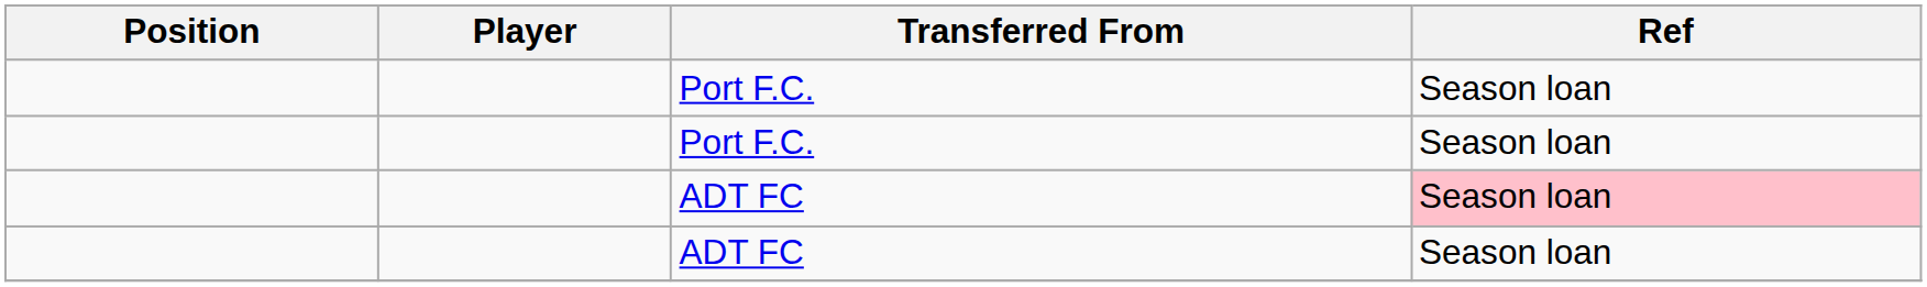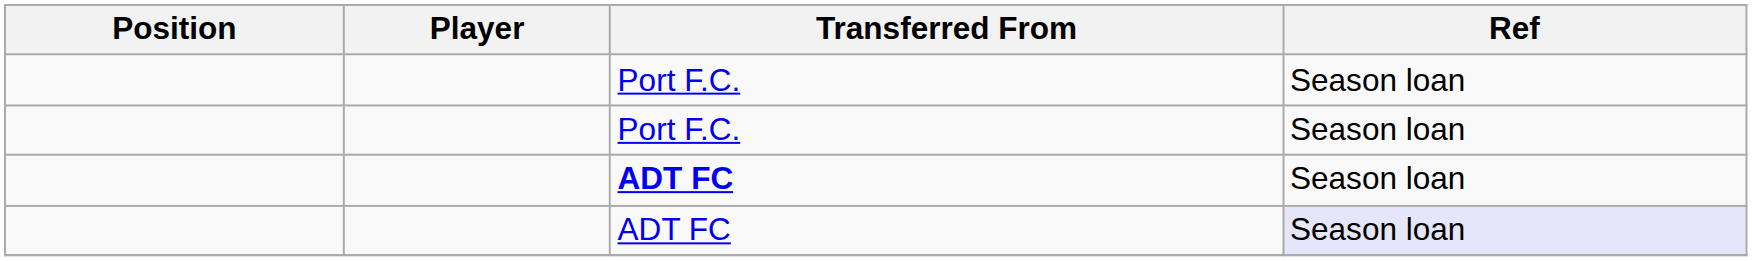 <table class="wikitable sortable" style="width:70%; text-align:center; font-size:100%; text-align:left;">
 <tr>
 <th><strong>Position</strong></th>
 <th><strong>Player</strong></th>
 <th><strong>Transferred From</strong></th>
 <th><strong>Ref</strong></th>
 </tr>
 <tr>
 <td></td>
 <td></td>
 <td> <a href='#'>Port F.C.</a></td>
 <td>Season loan</td>
 </tr>
 <tr>
 <td></td>
 <td></td>
 <td> <a href='#'>Port F.C.</a></td>
 <td>Season loan </td>
 </tr>
 <tr>
 <td></td>
 <td></td>
-<td> <a href='#'>ADT FC</a></td>
-<td style="background: pink;">Season loan</td>
+<td><strong> <a href='#'>ADT FC</a></strong></td>
+<td>Season loan</td>
 </tr>
 <tr>
 <td></td>
 <td></td>
 <td> <a href='#'>ADT FC</a></td>
-<td>Season loan</td>
+<td style="background: lavender;">Season loan</td>
 </tr>
 <tr>
 </tr>
 </table>
